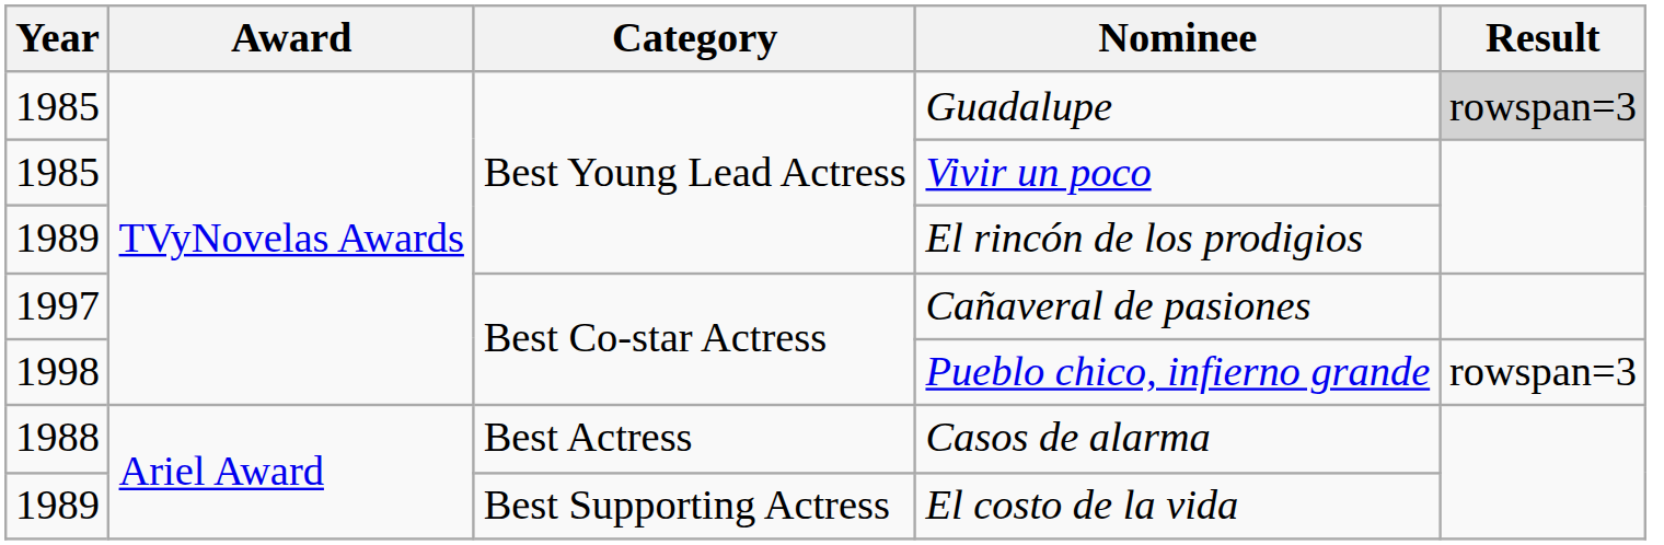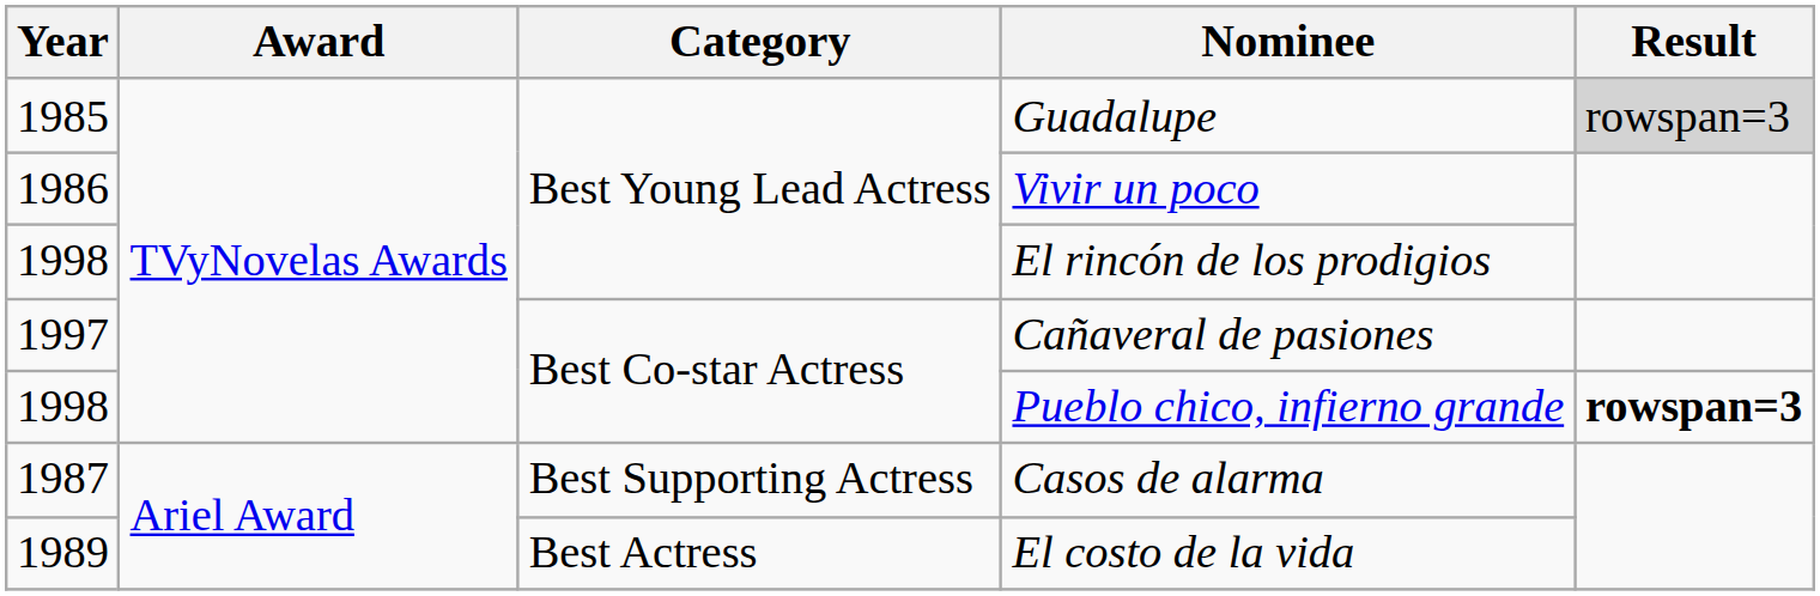 <table class="wikitable">
 <tr>
 <th>Year</th>
 <th>Award</th>
 <th>Category</th>
 <th>Nominee</th>
 <th>Result</th>
 </tr>
 <tr>
 <td>1985</td>
 <td rowspan=5><a href='#'>TVyNovelas Awards</a></td>
 <td rowspan=3>Best Young Lead Actress</td>
 <td><em>Guadalupe</em></td>
 <td style="background: lightgrey;">rowspan=3 </td>
 </tr>
 <tr>
-<td>1985</td>
+<td>1986</td>
 <td><em><a href='#'>Vivir un poco</a></em></td>
 </tr>
 <tr>
-<td>1989</td>
+<td>1998</td>
 <td><em>El rincón de los prodigios</em></td>
 </tr>
 <tr>
 <td>1997</td>
 <td rowspan=2>Best Co-star Actress</td>
 <td><em>Cañaveral de pasiones</em></td>
 <td></td>
 </tr>
 <tr>
 <td>1998</td>
 <td><em><a href='#'>Pueblo chico, infierno grande</a></em></td>
-<td>rowspan=3 </td>
+<td><strong>rowspan=3 </strong></td>
 </tr>
 <tr>
-<td>1988</td>
+<td>1987</td>
 <td rowspan=2><a href='#'>Ariel Award</a></td>
-<td>Best Actress</td>
+<td>Best Supporting Actress</td>
 <td><em>Casos de alarma</em></td>
 </tr>
 <tr>
 <td>1989</td>
-<td>Best Supporting Actress</td>
+<td>Best Actress</td>
 <td><em>El costo de la vida</em></td>
 </tr>
 </table>
